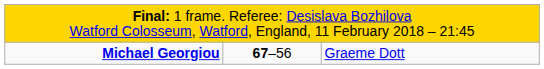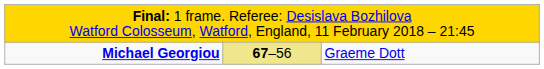 <table class="wikitable" style="font-size: 95%; margin: 1em auto 1em auto;">
 <tr>
 <td colspan="3" align="center" bgcolor="#ffd700"><strong>Final:</strong> 1 frame. Referee: <a href='#'>Desislava Bozhilova</a><br> <a href='#'>Watford Colosseum</a>, <a href='#'>Watford</a>, England, 11 February 2018 – 21:45</td>
 </tr>
 <tr>
 <td width="230" align="right"><strong><a href='#'>Michael Georgiou</a></strong><br></td>
-<td width="100" align="center"><strong>67</strong>–56</td>
+<td width="100" align="center" style="background: khaki;"><strong>67</strong>–56</td>
 <td width="230"><a href='#'>Graeme Dott</a><br></td>
 </tr>
 </table>
